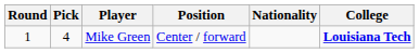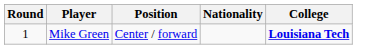 <table class="wikitable sortable sortable">
 <tr>
 <th scope="col">Round</th>
-<th scope="col">Pick</th>
 <th scope="col">Player</th>
 <th scope="col">Position</th>
 <th scope="col">Nationality</th>
 <th scope="col">College</th>
 </tr>
 <tr style="text-align: center">
 <td>1</td>
-<td>4</td>
 <td><a href='#'>Mike Green</a></td>
 <td><a href='#'>Center</a> / <a href='#'>forward</a></td>
 <td></td>
 <td><strong><a href='#'>Louisiana Tech</a></strong></td>
 </tr>
 </table>
